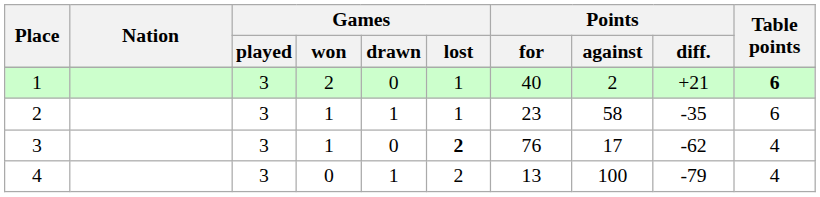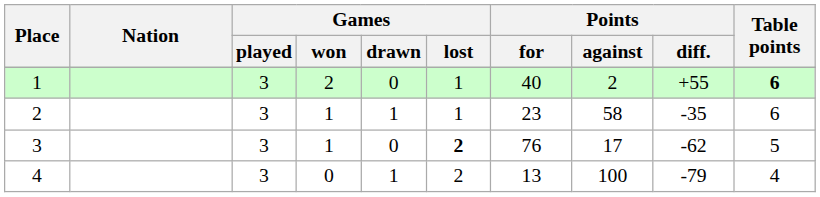 <table class="wikitable">
 <tr>
 <th rowspan=2 width="8%">Place</th>
 <th rowspan=2 width="20%">Nation</th>
 <th colspan=4 width="32%">Games</th>
 <th colspan=3 width="30%">Points</th>
 <th rowspan=2 width="10%">Table<br>points</th>
 </tr>
 <tr>
 <th width="8%">played</th>
 <th width="8%">won</th>
 <th width="8%">drawn</th>
 <th width="8%">lost</th>
 <th width="10%">for</th>
 <th width="10%">against</th>
 <th width="10%">diff.</th>
 </tr>
 <tr>
 </tr>
 <tr bgcolor=#ccffcc align=center>
 <td>1</td>
 <td align=left><strong></strong></td>
 <td>3</td>
 <td>2</td>
 <td>0</td>
 <td>1</td>
 <td>40</td>
 <td>2</td>
-<td>+21</td>
+<td>+55</td>
 <td><strong>6</strong></td>
 </tr>
 <tr bgcolor=#ffffff align=center>
 <td>2</td>
 <td align=left></td>
 <td>3</td>
 <td>1</td>
 <td>1</td>
 <td>1</td>
 <td>23</td>
 <td>58</td>
 <td>-35</td>
 <td>6</td>
 </tr>
 <tr bgcolor=#ffffff align=center>
 <td>3</td>
 <td align=left></td>
 <td>3</td>
 <td>1</td>
 <td>0</td>
 <td><strong>2</strong></td>
 <td>76</td>
 <td>17</td>
 <td>-62</td>
-<td>4</td>
+<td>5</td>
 </tr>
 <tr bgcolor=#ffffff align=center>
 <td>4</td>
 <td align=left></td>
 <td>3</td>
 <td>0</td>
 <td>1</td>
 <td>2</td>
 <td>13</td>
 <td>100</td>
 <td>-79</td>
 <td>4</td>
 </tr>
 </table>
